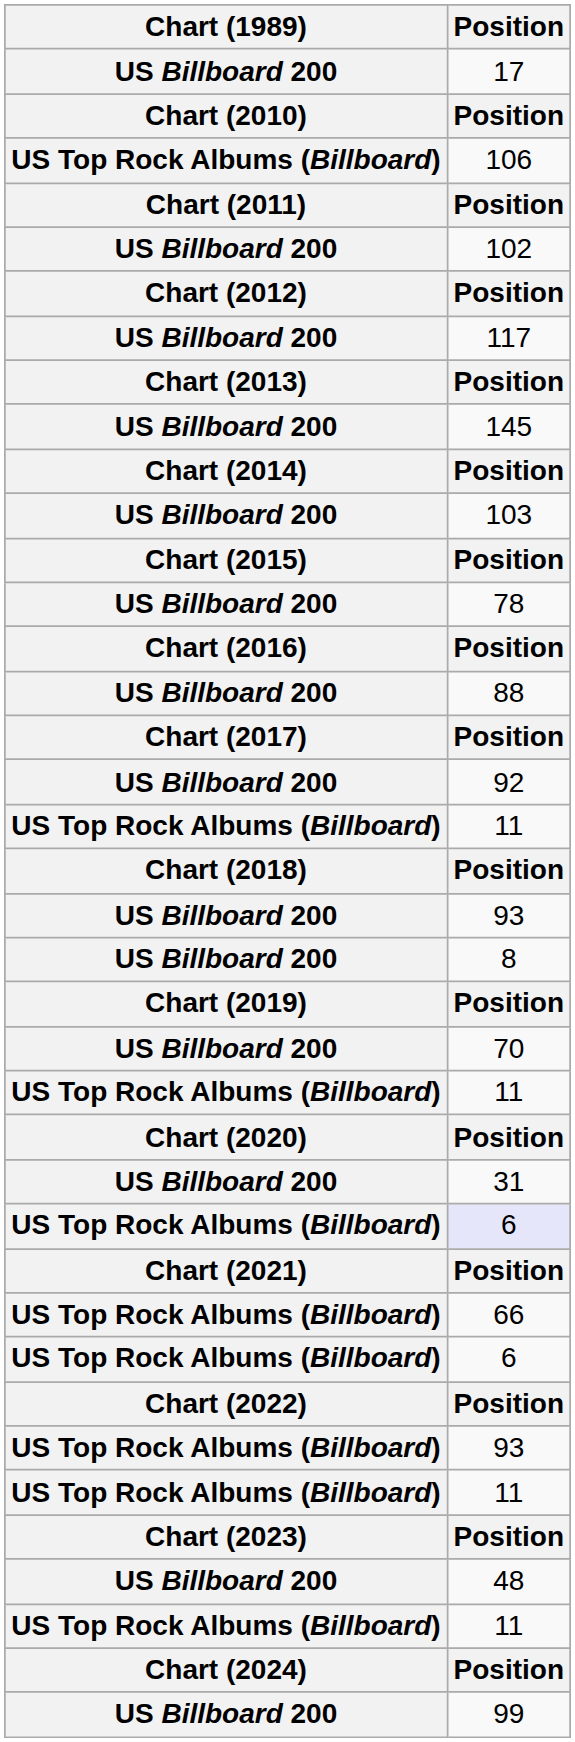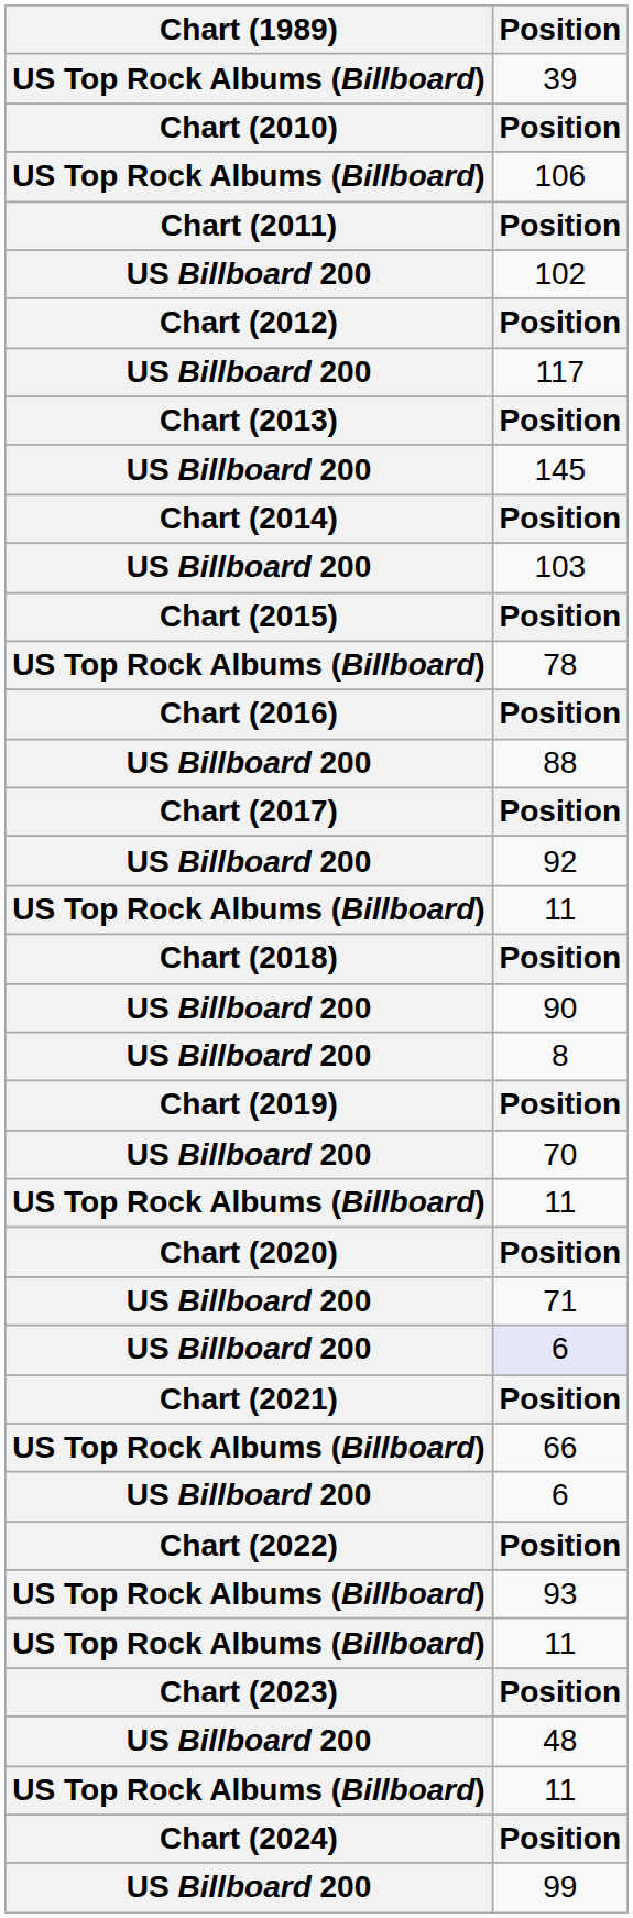 <table class="wikitable plainrowheaders" style="text-align:center">
 <tr>
 <th scope="col">Chart (1989)</th>
 <th scope="col">Position</th>
 </tr>
 <tr>
-<th scope="row">US <em>Billboard</em> 200</th>
-<td>17</td>
+<th scope="row">US Top Rock Albums (<em>Billboard</em>)</th>
+<td>39</td>
 </tr>
 <tr>
 <th scope="col">Chart (2010)</th>
 <th scope="col">Position</th>
 </tr>
 <tr>
 <th scope="row">US Top Rock Albums (<em>Billboard</em>)</th>
 <td>106</td>
 </tr>
 <tr>
 <th scope="col">Chart (2011)</th>
 <th scope="col">Position</th>
 </tr>
 <tr>
 <th scope="row">US <em>Billboard</em> 200</th>
 <td>102</td>
 </tr>
 <tr>
 <th scope="col">Chart (2012)</th>
 <th scope="col">Position</th>
 </tr>
 <tr>
 <th scope="row">US <em>Billboard</em> 200</th>
 <td>117</td>
 </tr>
 <tr>
 <th scope="col">Chart (2013)</th>
 <th scope="col">Position</th>
 </tr>
 <tr>
 <th scope="row">US <em>Billboard</em> 200</th>
 <td>145</td>
 </tr>
 <tr>
 <th scope="col">Chart (2014)</th>
 <th scope="col">Position</th>
 </tr>
 <tr>
 <th scope="row">US <em>Billboard</em> 200</th>
 <td>103</td>
 </tr>
 <tr>
 <th scope="col">Chart (2015)</th>
 <th scope="col">Position</th>
 </tr>
 <tr>
-<th scope="row">US <em>Billboard</em> 200</th>
+<th scope="row">US Top Rock Albums (<em>Billboard</em>)</th>
 <td>78</td>
 </tr>
 <tr>
 <th scope="col">Chart (2016)</th>
 <th scope="col">Position</th>
 </tr>
 <tr>
 <th scope="row">US <em>Billboard</em> 200</th>
 <td>88</td>
 </tr>
 <tr>
 <th scope="col">Chart (2017)</th>
 <th scope="col">Position</th>
 </tr>
 <tr>
 <th scope="row">US <em>Billboard</em> 200</th>
 <td>92</td>
 </tr>
 <tr>
 <th scope="row">US Top Rock Albums (<em>Billboard</em>)</th>
 <td>11</td>
 </tr>
 <tr>
 <th scope="col">Chart (2018)</th>
 <th scope="col">Position</th>
 </tr>
 <tr>
 <th scope="row">US <em>Billboard</em> 200</th>
-<td>93</td>
+<td>90</td>
 </tr>
 <tr>
 <th scope="row">US <em>Billboard</em> 200</th>
 <td>8</td>
 </tr>
 <tr>
 <th scope="col">Chart (2019)</th>
 <th scope="col">Position</th>
 </tr>
 <tr>
 <th scope="row">US <em>Billboard</em> 200</th>
 <td>70</td>
 </tr>
 <tr>
 <th scope="row">US Top Rock Albums (<em>Billboard</em>)</th>
 <td>11</td>
 </tr>
 <tr>
 <th scope="col">Chart (2020)</th>
 <th scope="col">Position</th>
 </tr>
 <tr>
 <th scope="row">US <em>Billboard</em> 200</th>
-<td>31</td>
+<td>71</td>
 </tr>
 <tr>
-<th scope="row">US Top Rock Albums (<em>Billboard</em>)</th>
+<th scope="row">US <em>Billboard</em> 200</th>
 <td style="background: lavender;">6</td>
 </tr>
 <tr>
 <th scope="col">Chart (2021)</th>
 <th scope="col">Position</th>
 </tr>
 <tr>
 <th scope="row">US Top Rock Albums (<em>Billboard</em>)</th>
 <td>66</td>
 </tr>
 <tr>
-<th scope="row">US Top Rock Albums (<em>Billboard</em>)</th>
+<th scope="row">US <em>Billboard</em> 200</th>
 <td>6</td>
 </tr>
 <tr>
 <th scope="col">Chart (2022)</th>
 <th scope="col">Position</th>
 </tr>
 <tr>
 <th scope="row">US Top Rock Albums (<em>Billboard</em>)</th>
 <td>93</td>
 </tr>
 <tr>
 <th scope="row">US Top Rock Albums (<em>Billboard</em>)</th>
 <td>11</td>
 </tr>
 <tr>
 <th scope="col">Chart (2023)</th>
 <th scope="col">Position</th>
 </tr>
 <tr>
 <th scope="row">US <em>Billboard</em> 200</th>
 <td>48</td>
 </tr>
 <tr>
 <th scope="row">US Top Rock Albums (<em>Billboard</em>)</th>
 <td>11</td>
 </tr>
 <tr>
 <th scope="col">Chart (2024)</th>
 <th scope="col">Position</th>
 </tr>
 <tr>
 <th scope="row">US <em>Billboard</em> 200</th>
 <td>99</td>
 </tr>
 </table>
